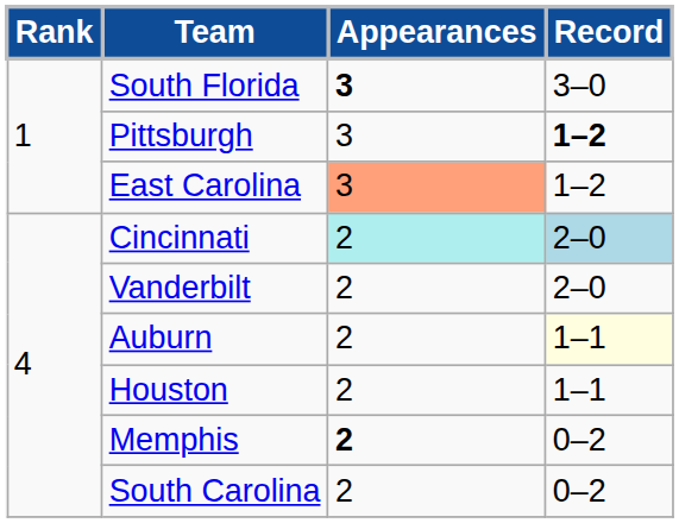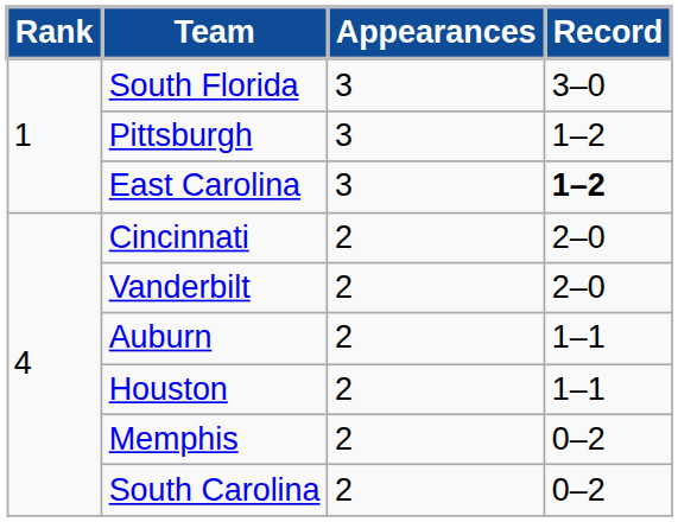 <table class = "wikitable">
 <tr>
 <th style="background:#0E4C97; color:#FFFFFF; border: 2px solid #BDBDBF;">Rank</th>
 <th style="background:#0E4C97; color:#FFFFFF; border: 2px solid #BDBDBF;">Team</th>
 <th style="background:#0E4C97; color:#FFFFFF; border: 2px solid #BDBDBF;">Appearances</th>
 <th style="background:#0E4C97; color:#FFFFFF; border: 2px solid #BDBDBF;">Record</th>
 </tr>
 <tr>
 <td rowspan=3>1</td>
 <td><a href='#'>South Florida</a></td>
-<td><strong>3</strong></td>
+<td>3</td>
 <td>3–0</td>
 </tr>
 <tr>
 <td><a href='#'>Pittsburgh</a></td>
 <td>3</td>
-<td><strong>1–2</strong></td>
+<td>1–2</td>
 </tr>
 <tr>
 <td><a href='#'>East Carolina</a></td>
-<td style="background: lightsalmon;">3</td>
-<td>1–2</td>
+<td>3</td>
+<td><strong>1–2</strong></td>
 </tr>
 <tr>
 <td rowspan=6>4</td>
 <td><a href='#'>Cincinnati</a></td>
-<td style="background: paleturquoise;">2</td>
-<td style="background: lightblue;">2–0</td>
+<td>2</td>
+<td>2–0</td>
 </tr>
 <tr>
 <td><a href='#'>Vanderbilt</a></td>
 <td>2</td>
 <td>2–0</td>
 </tr>
 <tr>
 <td><a href='#'>Auburn</a></td>
 <td>2</td>
-<td style="background: lightyellow;">1–1</td>
+<td>1–1</td>
 </tr>
 <tr>
 <td><a href='#'>Houston</a></td>
 <td>2</td>
 <td>1–1</td>
 </tr>
 <tr>
 <td><a href='#'>Memphis</a></td>
-<td><strong>2</strong></td>
+<td>2</td>
 <td>0–2</td>
 </tr>
 <tr>
 <td><a href='#'>South Carolina</a></td>
 <td>2</td>
 <td>0–2</td>
 </tr>
 </table>
